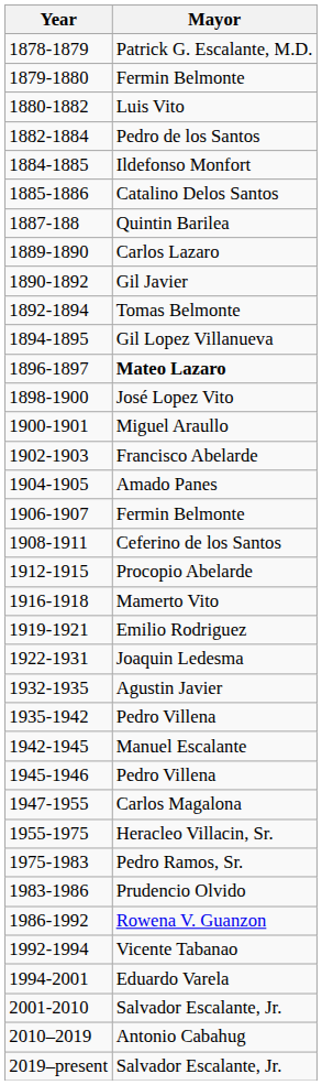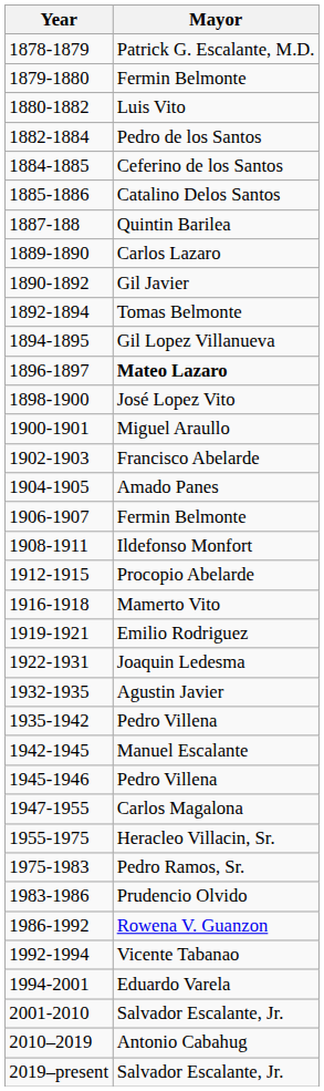 <table class="wikitable collapsible collapsed">
 <tr>
 <th>Year</th>
 <th>Mayor</th>
 </tr>
 <tr>
 <td>1878-1879</td>
 <td>Patrick G. Escalante, M.D.</td>
 </tr>
 <tr>
 <td>1879-1880</td>
 <td>Fermin Belmonte</td>
 </tr>
 <tr>
 <td>1880-1882</td>
 <td>Luis Vito</td>
 </tr>
 <tr>
 <td>1882-1884</td>
 <td>Pedro de los Santos</td>
 </tr>
 <tr>
 <td>1884-1885</td>
-<td>Ildefonso Monfort</td>
+<td>Ceferino de los Santos</td>
 </tr>
 <tr>
 <td>1885-1886</td>
 <td>Catalino Delos Santos</td>
 </tr>
 <tr>
 <td>1887-188</td>
 <td>Quintin Barilea</td>
 </tr>
 <tr>
 <td>1889-1890</td>
 <td>Carlos Lazaro</td>
 </tr>
 <tr>
 <td>1890-1892</td>
 <td>Gil Javier</td>
 </tr>
 <tr>
 <td>1892-1894</td>
 <td>Tomas Belmonte</td>
 </tr>
 <tr>
 <td>1894-1895</td>
 <td>Gil Lopez Villanueva</td>
 </tr>
 <tr>
 <td>1896-1897</td>
 <td><strong>Mateo Lazaro</strong></td>
 </tr>
 <tr>
 <td>1898-1900</td>
 <td>José Lopez Vito</td>
 </tr>
 <tr>
 <td>1900-1901</td>
 <td>Miguel Araullo</td>
 </tr>
 <tr>
 <td>1902-1903</td>
 <td>Francisco Abelarde</td>
 </tr>
 <tr>
 <td>1904-1905</td>
 <td>Amado Panes</td>
 </tr>
 <tr>
 <td>1906-1907</td>
 <td>Fermin Belmonte</td>
 </tr>
 <tr>
 <td>1908-1911</td>
-<td>Ceferino de los Santos</td>
+<td>Ildefonso Monfort</td>
 </tr>
 <tr>
 <td>1912-1915</td>
 <td>Procopio Abelarde</td>
 </tr>
 <tr>
 <td>1916-1918</td>
 <td>Mamerto Vito</td>
 </tr>
 <tr>
 <td>1919-1921</td>
 <td>Emilio Rodriguez</td>
 </tr>
 <tr>
 <td>1922-1931</td>
 <td>Joaquin Ledesma</td>
 </tr>
 <tr>
 <td>1932-1935</td>
 <td>Agustin Javier</td>
 </tr>
 <tr>
 <td>1935-1942</td>
 <td>Pedro Villena</td>
 </tr>
 <tr>
 <td>1942-1945</td>
 <td>Manuel Escalante</td>
 </tr>
 <tr>
 <td>1945-1946</td>
 <td>Pedro Villena</td>
 </tr>
 <tr>
 <td>1947-1955</td>
 <td>Carlos Magalona</td>
 </tr>
 <tr>
 <td>1955-1975</td>
 <td>Heracleo Villacin, Sr.</td>
 </tr>
 <tr>
 <td>1975-1983</td>
 <td>Pedro Ramos, Sr.</td>
 </tr>
 <tr>
 <td>1983-1986</td>
 <td>Prudencio Olvido</td>
 </tr>
 <tr>
 <td>1986-1992</td>
 <td><a href='#'>Rowena V. Guanzon</a></td>
 </tr>
 <tr>
 <td>1992-1994</td>
 <td>Vicente Tabanao</td>
 </tr>
 <tr>
 <td>1994-2001</td>
 <td>Eduardo Varela</td>
 </tr>
 <tr>
 <td>2001-2010</td>
 <td>Salvador Escalante, Jr.</td>
 </tr>
 <tr>
 <td>2010–2019</td>
 <td>Antonio Cabahug</td>
 </tr>
 <tr>
 <td>2019–present</td>
 <td>Salvador Escalante, Jr.</td>
 </tr>
 </table>
